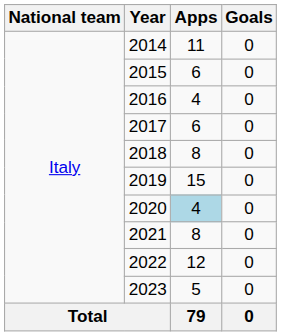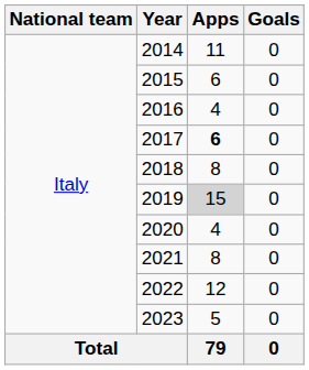 <table class="wikitable" style="text-align:center">
 <tr>
 <th>National team</th>
 <th>Year</th>
 <th>Apps</th>
 <th>Goals</th>
 </tr>
 <tr>
 <td rowspan="10"><a href='#'>Italy</a></td>
 <td>2014</td>
 <td>11</td>
 <td>0</td>
 </tr>
 <tr>
 <td>2015</td>
 <td>6</td>
 <td>0</td>
 </tr>
 <tr>
 <td>2016</td>
 <td>4</td>
 <td>0</td>
 </tr>
 <tr>
 <td>2017</td>
-<td>6</td>
+<td><strong>6</strong></td>
 <td>0</td>
 </tr>
 <tr>
 <td>2018</td>
 <td>8</td>
 <td>0</td>
 </tr>
 <tr>
 <td>2019</td>
-<td>15</td>
+<td style="background: lightgrey;">15</td>
 <td>0</td>
 </tr>
 <tr>
 <td>2020</td>
-<td style="background: lightblue;">4</td>
+<td>4</td>
 <td>0</td>
 </tr>
 <tr>
 <td>2021</td>
 <td>8</td>
 <td>0</td>
 </tr>
 <tr>
 <td>2022</td>
 <td>12</td>
 <td>0</td>
 </tr>
 <tr>
 <td>2023</td>
 <td>5</td>
 <td>0</td>
 </tr>
 <tr>
 <th colspan="2">Total</th>
 <th>79</th>
 <th>0</th>
 </tr>
 </table>
